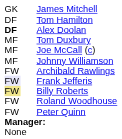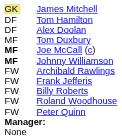 <table cellspacing="0" cellpadding="0" style="font-size:90%; margin:0.2em auto;">
 <tr>
 <th width="25"></th>
 <th width="25"></th>
 </tr>
 <tr>
-<td>GK</td>
+<td style="background: khaki;">GK</td>
 <td></td>
 <td> <a href='#'>James Mitchell</a></td>
 </tr>
 <tr>
 <td>DF</td>
 <td></td>
 <td> <a href='#'>Tom Hamilton</a></td>
 </tr>
 <tr>
-<td><strong>DF</strong></td>
+<td>DF</td>
 <td></td>
 <td> <a href='#'>Alex Doolan</a></td>
 </tr>
 <tr>
 <td>MF</td>
 <td></td>
 <td> <a href='#'>Tom Duxbury</a></td>
 </tr>
 <tr>
-<td>MF</td>
+<td><strong>MF</strong></td>
 <td></td>
 <td> <a href='#'>Joe McCall</a> (<a href='#'>c</a>)</td>
 </tr>
 <tr>
-<td>MF</td>
+<td><strong>MF</strong></td>
 <td></td>
 <td> <a href='#'>Johnny Williamson</a></td>
 </tr>
 <tr>
 <td>FW</td>
 <td></td>
 <td> <a href='#'>Archibald Rawlings</a></td>
 </tr>
 <tr>
-<td style="background: lavender;">FW</td>
+<td>FW</td>
 <td></td>
 <td> <a href='#'>Frank Jefferis</a></td>
 </tr>
 <tr>
-<td style="background: khaki;">FW</td>
+<td>FW</td>
 <td></td>
 <td> <a href='#'>Billy Roberts</a></td>
 </tr>
 <tr>
 <td>FW</td>
 <td></td>
 <td> <a href='#'>Roland Woodhouse</a></td>
 </tr>
 <tr>
 <td>FW</td>
 <td></td>
 <td> <a href='#'>Peter Quinn</a></td>
 </tr>
 <tr>
 <td colspan=4><strong>Manager:</strong></td>
 </tr>
 <tr>
 <td colspan="4">None</td>
 </tr>
 </table>
